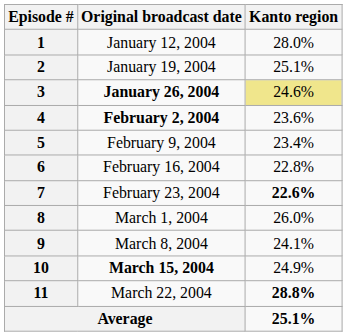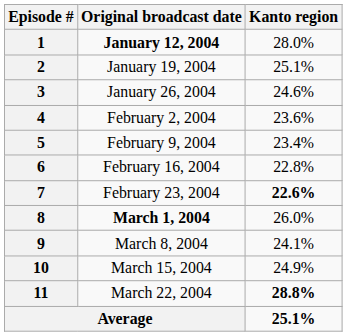 <table class=wikitable style="text-align:center">
 <tr>
 <th>Episode #</th>
 <th>Original broadcast date</th>
 <th>Kanto region</th>
 </tr>
 <tr>
 <th>1</th>
-<td>January 12, 2004</td>
+<td><strong>January 12, 2004</strong></td>
 <td>28.0%</td>
 </tr>
 <tr>
 <th>2</th>
 <td>January 19, 2004</td>
 <td>25.1%</td>
 </tr>
 <tr>
 <th>3</th>
-<td><strong>January 26, 2004</strong></td>
-<td style="background: khaki;">24.6%</td>
+<td>January 26, 2004</td>
+<td>24.6%</td>
 </tr>
 <tr>
 <th>4</th>
-<td><strong>February 2, 2004</strong></td>
+<td>February 2, 2004</td>
 <td>23.6%</td>
 </tr>
 <tr>
 <th>5</th>
 <td>February 9, 2004</td>
 <td>23.4%</td>
 </tr>
 <tr>
 <th>6</th>
 <td>February 16, 2004</td>
 <td>22.8%</td>
 </tr>
 <tr>
 <th>7</th>
 <td>February 23, 2004</td>
 <td><span><strong>22.6% </strong></span></td>
 </tr>
 <tr>
 <th>8</th>
-<td>March 1, 2004</td>
+<td><strong>March 1, 2004</strong></td>
 <td>26.0%</td>
 </tr>
 <tr>
 <th>9</th>
 <td>March 8, 2004</td>
 <td>24.1%</td>
 </tr>
 <tr>
 <th>10</th>
-<td><strong>March 15, 2004</strong></td>
+<td>March 15, 2004</td>
 <td>24.9%</td>
 </tr>
 <tr>
 <th>11</th>
 <td>March 22, 2004</td>
 <td><span><strong>28.8% </strong></span></td>
 </tr>
 <tr>
 <th colspan="2">Average</th>
 <td><span> <strong>25.1%</strong></span></td>
 </tr>
 </table>
